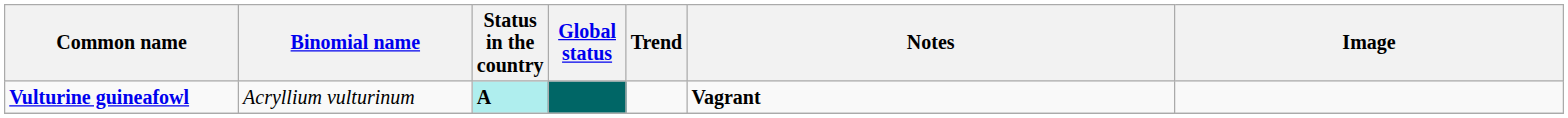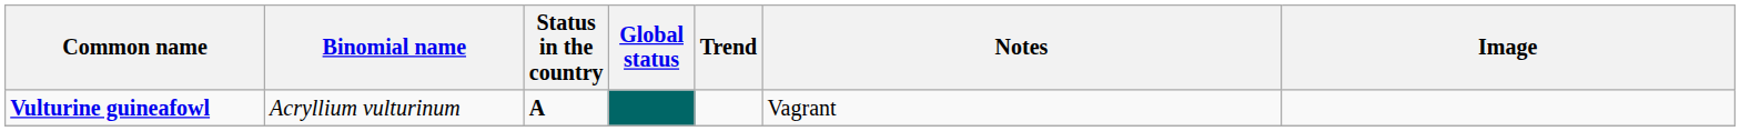 <table class="wikitable sortable">
 <tr>
 <th width="15%">Common name</th>
 <th width="15%"><a href='#'>Binomial name</a></th>
 <th width="1%">Status in the country</th>
 <th width="5%"><a href='#'>Global status</a></th>
 <th width="1%">Trend</th>
 <th class="unsortable">Notes</th>
 <th class="unsortable">Image</th>
 </tr>
 <tr>
 <td><strong><a href='#'>Vulturine guineafowl</a></strong></td>
 <td><em>Acryllium vulturinum</em></td>
-<td style="background: paleturquoise;"><strong>A</strong></td>
+<td><strong>A</strong></td>
 <td align=center style="background: #006666"></td>
 <td align=center></td>
-<td><strong>Vagrant</strong></td>
+<td>Vagrant</td>
 <td></td>
 </tr>
 <tr>
 </tr>
 </table>
